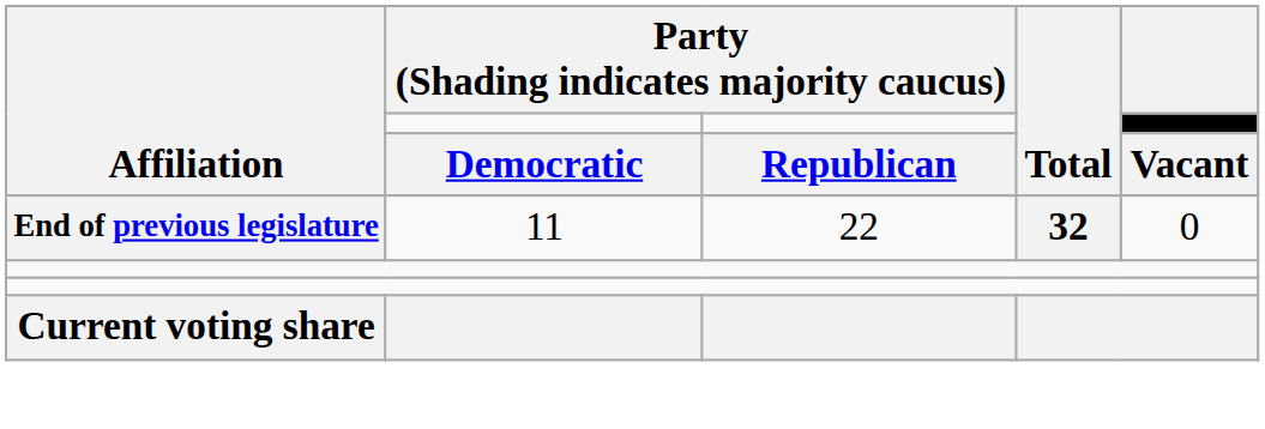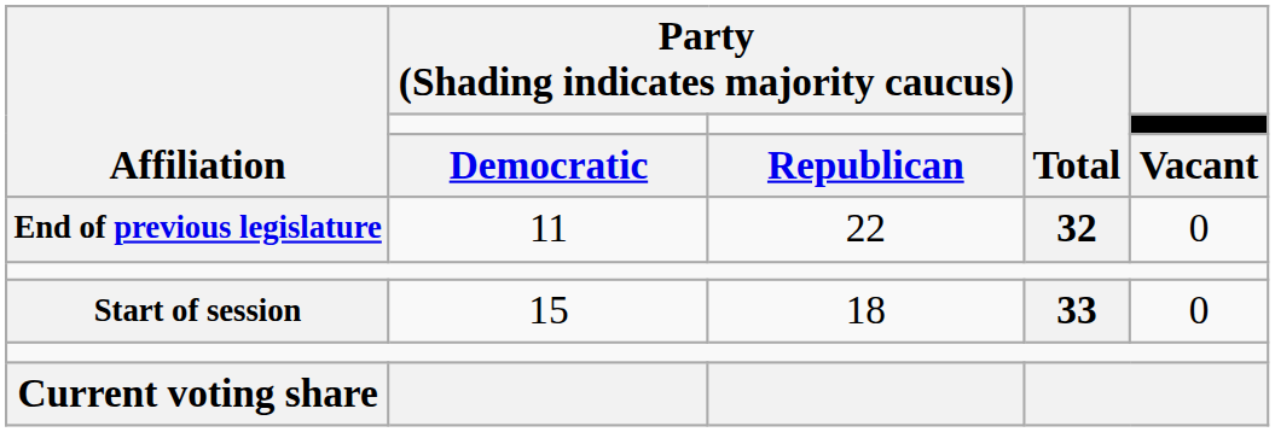 <table class=wikitable style="text-align:center">
 <tr style="vertical-align:bottom;">
 <th rowspan=3>Affiliation</th>
 <th colspan=2>Party <div>(Shading indicates majority caucus)</div></th>
 <th rowspan=3>Total</th>
 <th></th>
 </tr>
 <tr style="height:5px">
 <td style="background-color:"></td>
 <td style="background-color:"></td>
 <td style="background-color:black"></td>
 </tr>
 <tr>
 <th><a href='#'>Democratic</a></th>
 <th><a href='#'>Republican</a></th>
 <th>Vacant</th>
 </tr>
 <tr>
 <th nowrap style="font-size:80%">End of <a href='#'>previous legislature</a></th>
 <td>11</td>
 <td>22</td>
 <th>32</th>
 <td>0</td>
 </tr>
 <tr>
 <td colspan=5></td>
 </tr>
 <tr>
+<th nowrap style="font-size:80%">Start of session</th>
+<td>15</td>
+<td>18</td>
+<th>33</th>
+<td>0</td>
+</tr>
+<tr>
 <td colspan=5></td>
 </tr>
 <tr>
 <th>Current voting share</th>
 <th></th>
 <th></th>
 <th colspan=2><br></th>
 </tr>
 </table>
